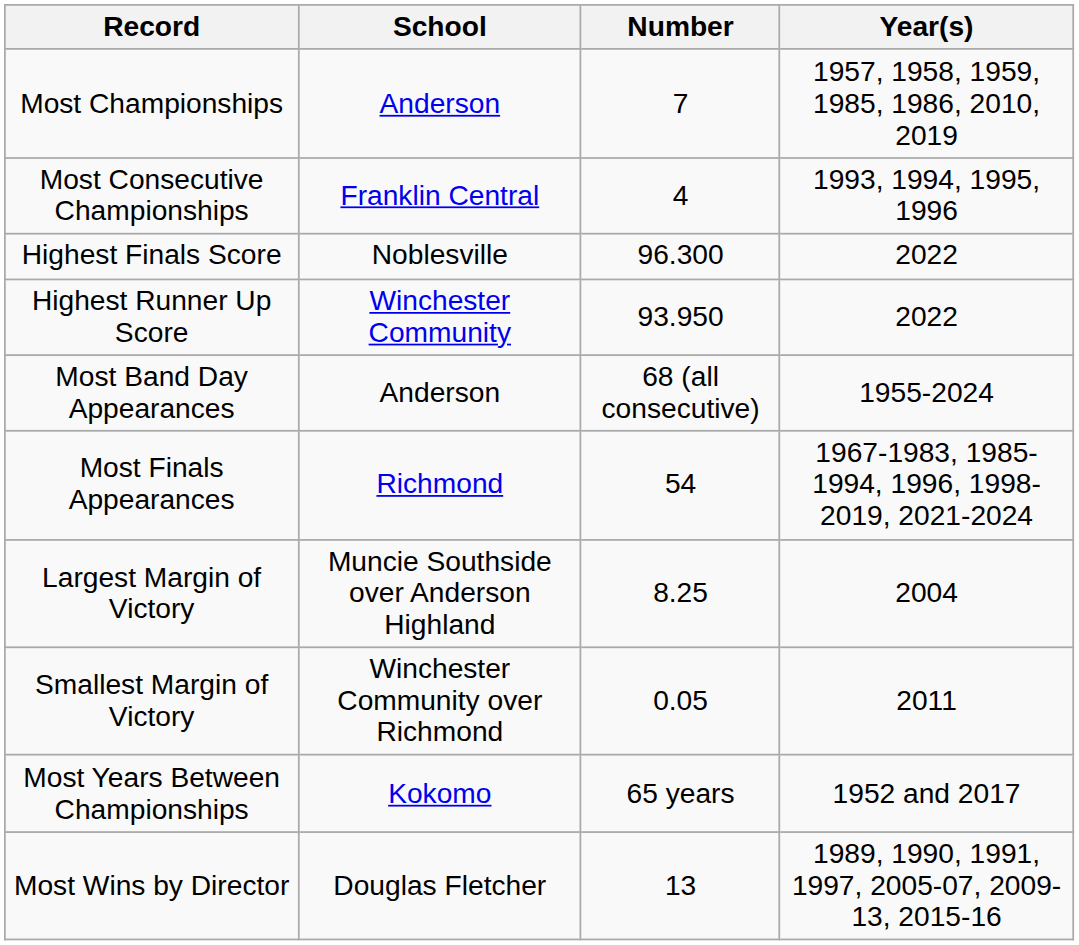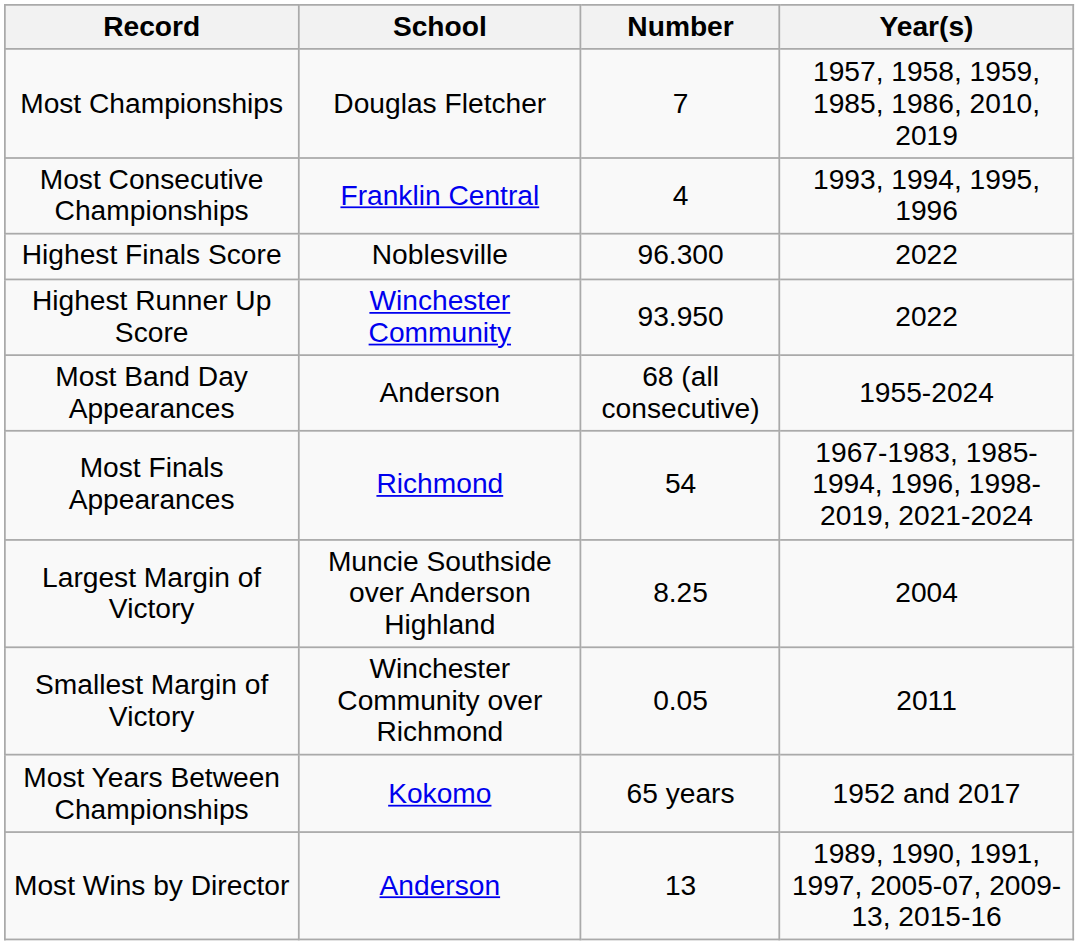 <table class="wikitable" style="text-align: center">
 <tr>
 <th>Record</th>
 <th>School</th>
 <th>Number</th>
 <th>Year(s)</th>
 </tr>
 <tr>
 <td>Most Championships</td>
-<td><a href='#'>Anderson</a></td>
+<td>Douglas Fletcher</td>
 <td>7</td>
 <td>1957, 1958, 1959, 1985, 1986, 2010, 2019</td>
 </tr>
 <tr>
 <td>Most Consecutive Championships</td>
 <td><a href='#'>Franklin Central</a></td>
 <td>4</td>
 <td>1993, 1994, 1995, 1996</td>
 </tr>
 <tr>
 <td>Highest Finals Score</td>
 <td>Noblesville</td>
 <td>96.300</td>
 <td>2022</td>
 </tr>
 <tr>
 <td>Highest Runner Up Score</td>
 <td><a href='#'>Winchester Community</a></td>
 <td>93.950</td>
 <td>2022</td>
 </tr>
 <tr>
 <td>Most Band Day Appearances</td>
 <td>Anderson</td>
 <td>68 (all consecutive)</td>
 <td>1955-2024</td>
 </tr>
 <tr>
 <td>Most Finals Appearances</td>
 <td><a href='#'>Richmond</a></td>
 <td>54</td>
 <td>1967-1983, 1985-1994, 1996, 1998-2019, 2021-2024</td>
 </tr>
 <tr>
 <td>Largest Margin of Victory</td>
 <td>Muncie Southside over Anderson Highland</td>
 <td>8.25</td>
 <td>2004</td>
 </tr>
 <tr>
 <td>Smallest Margin of Victory</td>
 <td>Winchester Community over Richmond</td>
 <td>0.05</td>
 <td>2011</td>
 </tr>
 <tr>
 <td>Most Years Between Championships</td>
 <td><a href='#'>Kokomo</a></td>
 <td>65 years</td>
 <td>1952 and 2017</td>
 </tr>
 <tr>
 <td>Most Wins by Director</td>
-<td>Douglas Fletcher</td>
+<td><a href='#'>Anderson</a></td>
 <td>13</td>
 <td>1989, 1990, 1991, 1997, 2005-07, 2009-13, 2015-16</td>
 </tr>
 </table>
